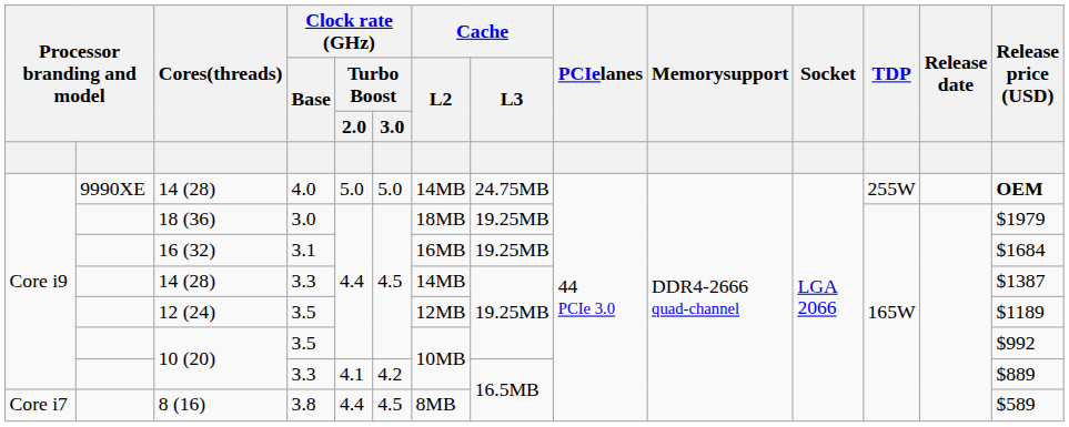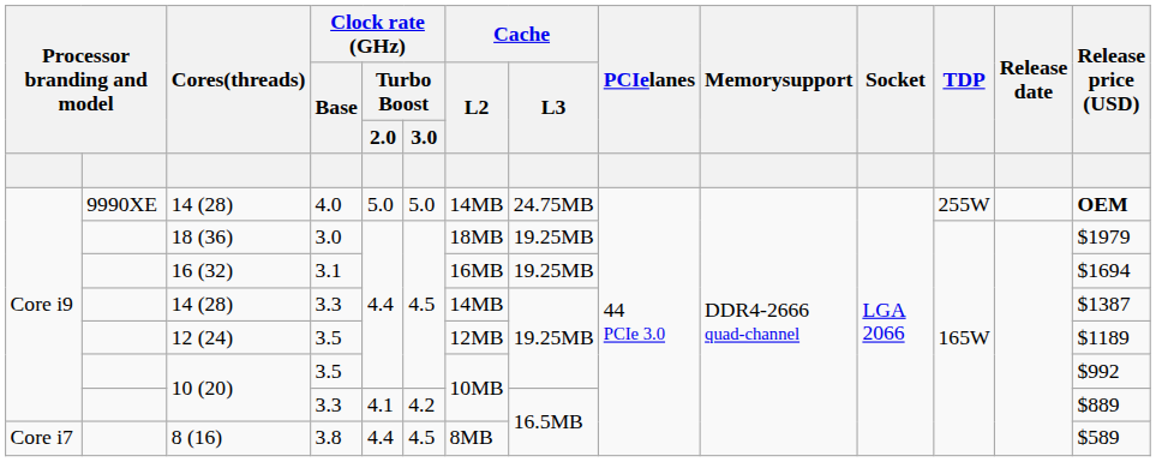 <table style=text-align: center; class="wikitable sortable mw-datatable">
 <tr>
 <th rowspan="3" colspan="2">Processor<br>branding and model</th>
 <th rowspan="3">Cores(threads)</th>
 <th colspan="3"><a href='#'>Clock rate</a> (GHz)</th>
 <th colspan="2"><a href='#'>Cache</a></th>
 <th rowspan="3"><a href='#'>PCIe</a>lanes</th>
 <th rowspan="3">Memorysupport</th>
 <th rowspan="3">Socket</th>
 <th rowspan="3"><a href='#'>TDP</a></th>
 <th rowspan="3">Release<br>date</th>
 <th rowspan="3">Release<br>price<br>(USD)</th>
 </tr>
 <tr>
 <th rowspan="2">Base</th>
 <th colspan="2">Turbo Boost</th>
 <th rowspan="2">L2</th>
 <th rowspan="2">L3</th>
 </tr>
 <tr>
 <th>2.0</th>
 <th>3.0</th>
 </tr>
 <tr>
 <th style="background-position:center"><br></th>
 <th style="background-position:center"></th>
 <th style="background-position:center"></th>
 <th style="background-position:center"></th>
 <th style="background-position:center"></th>
 <th style="background-position:center"></th>
 <th style="background-position:center"></th>
 <th style="background-position:center"></th>
 <th style="background-position:center"></th>
 <th style="background-position:center"></th>
 <th style="background-position:center"></th>
 <th style="background-position:center"></th>
 <th style="background-position:center"></th>
 <th style="background-position:center"></th>
 </tr>
 <tr>
 <td rowspan="7">Core i9</td>
 <td>9990XE</td>
 <td>14 (28)</td>
 <td>4.0</td>
 <td>5.0</td>
 <td>5.0</td>
 <td>14MB</td>
 <td>24.75MB</td>
 <td rowspan="8">44 <br><small><a href='#'>PCIe 3.0</a></small></td>
 <td rowspan="8">DDR4-2666<br><small><a href='#'>quad-channel</a></small></td>
 <td rowspan="8"><a href='#'>LGA 2066</a></td>
 <td>255W</td>
 <td></td>
 <td><strong>OEM</strong></td>
 </tr>
 <tr>
 <td></td>
 <td>18 (36)</td>
 <td>3.0</td>
 <td rowspan="5">4.4</td>
 <td rowspan="5">4.5</td>
 <td>18MB</td>
 <td>19.25MB</td>
 <td rowspan="7">165W</td>
 <td rowspan="7"></td>
 <td>$1979</td>
 </tr>
 <tr>
 <td></td>
 <td>16 (32)</td>
 <td>3.1</td>
 <td>16MB</td>
 <td>19.25MB</td>
-<td>$1684</td>
+<td>$1694</td>
 </tr>
 <tr>
 <td></td>
 <td>14 (28)</td>
 <td>3.3</td>
 <td>14MB</td>
 <td rowspan="3">19.25MB</td>
 <td>$1387</td>
 </tr>
 <tr>
 <td></td>
 <td>12 (24)</td>
 <td>3.5</td>
 <td>12MB</td>
 <td>$1189</td>
 </tr>
 <tr>
 <td></td>
 <td rowspan="2">10 (20)</td>
 <td>3.5</td>
 <td rowspan="2">10MB</td>
 <td>$992</td>
 </tr>
 <tr>
 <td></td>
 <td>3.3</td>
 <td>4.1</td>
 <td>4.2</td>
 <td rowspan="2">16.5MB</td>
 <td>$889</td>
 </tr>
 <tr>
 <td>Core i7</td>
 <td></td>
 <td>8 (16)</td>
 <td>3.8</td>
 <td>4.4</td>
 <td>4.5</td>
 <td>8MB</td>
 <td>$589</td>
 </tr>
 </table>
